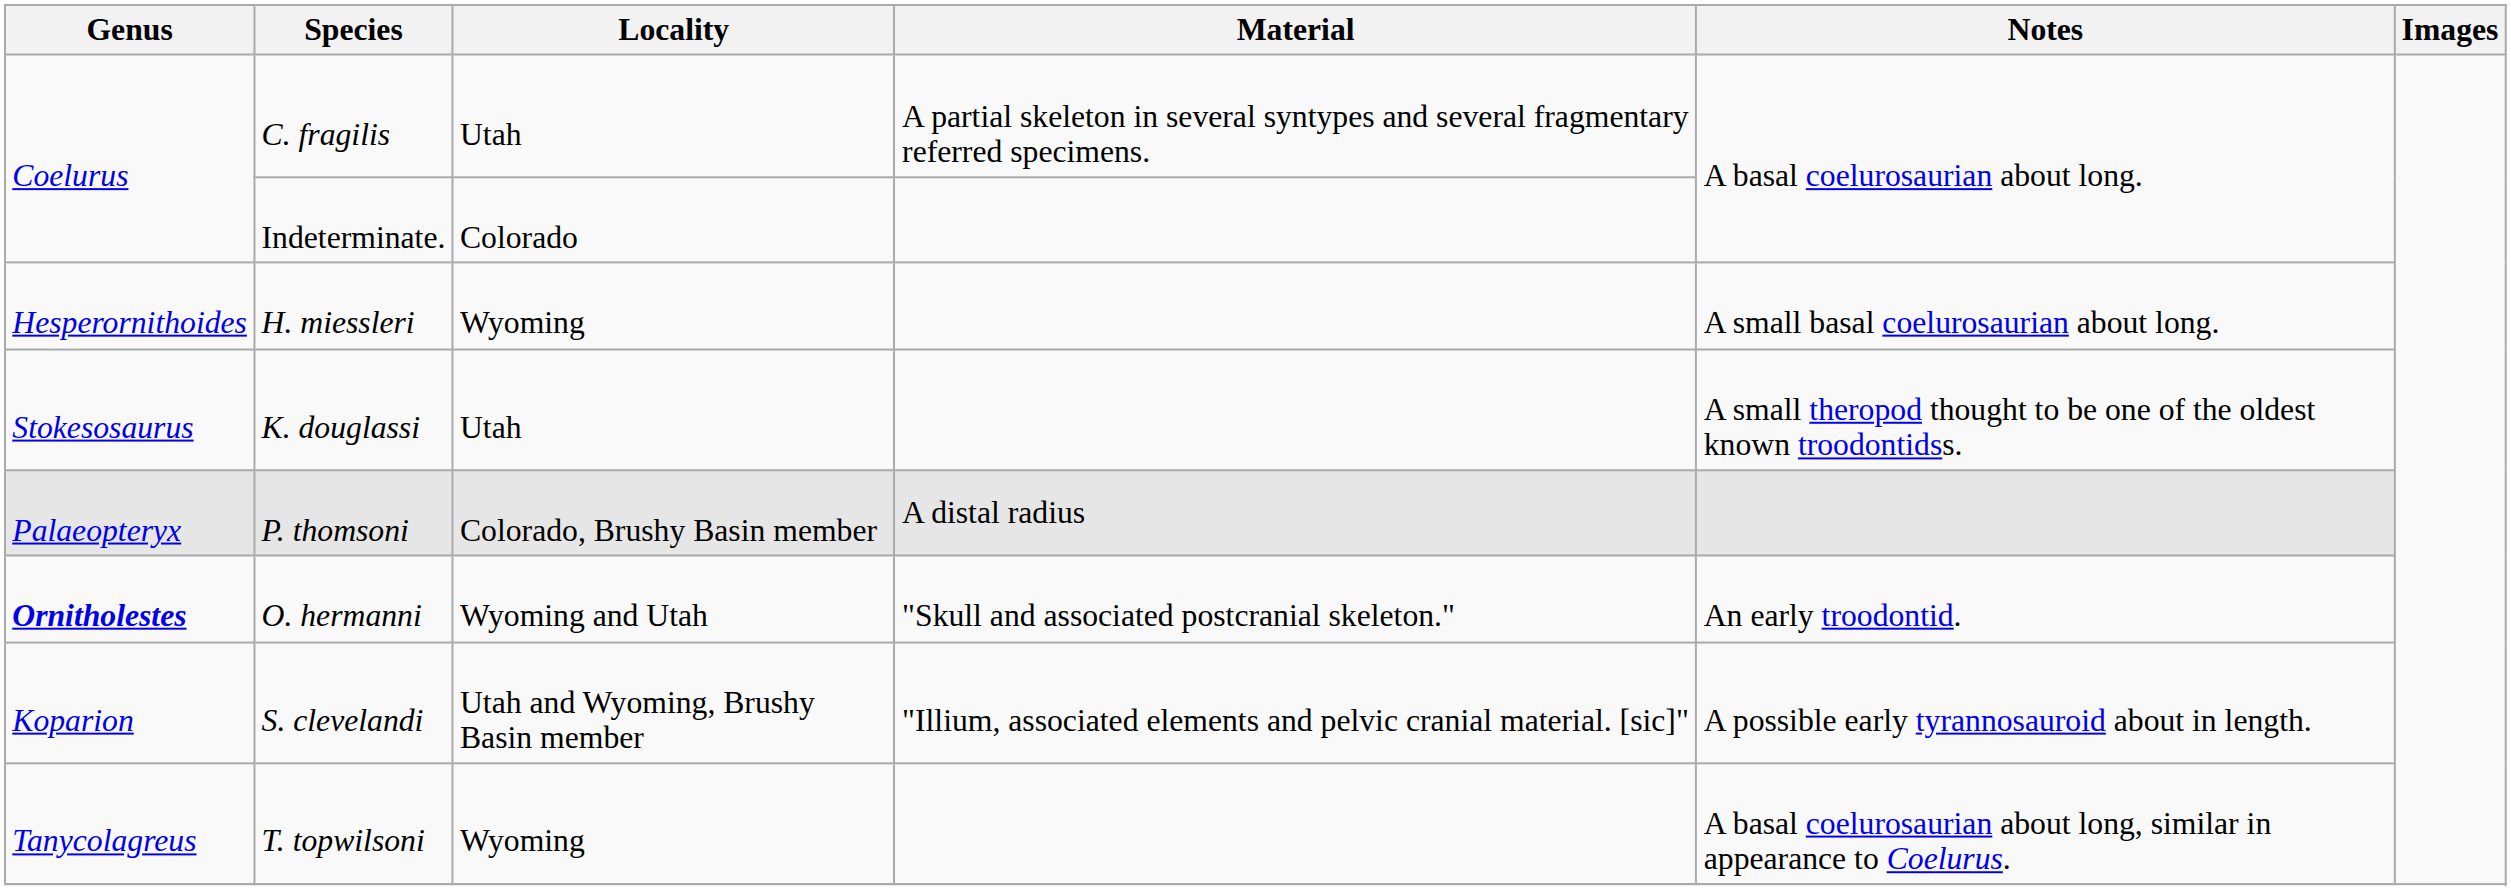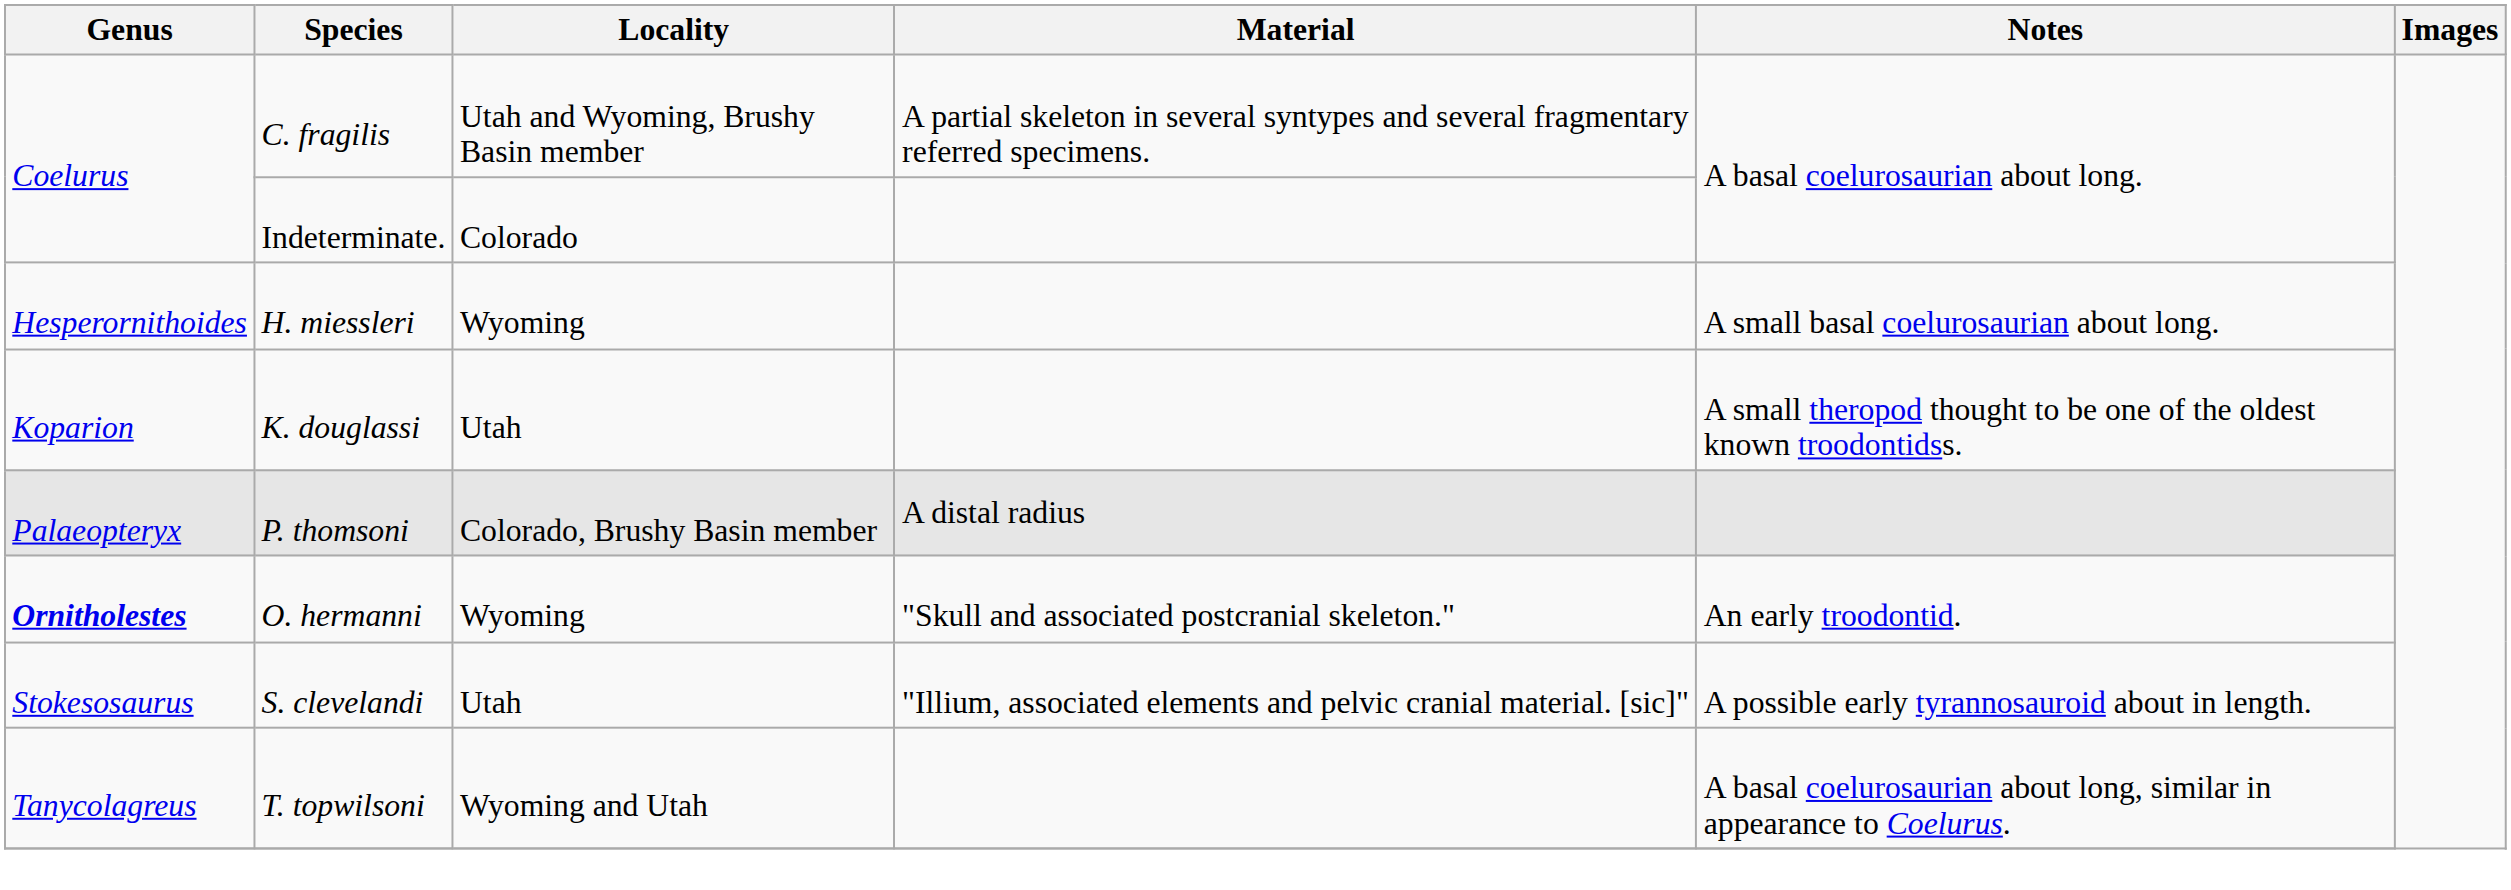 <table class="wikitable" align="center" width="100%">
 <tr>
 <th>Genus</th>
 <th>Species</th>
 <th>Locality</th>
 <th>Material</th>
 <th>Notes</th>
 <th>Images</th>
 </tr>
 <tr>
 <td rowspan=2><br><em><a href='#'>Coelurus</a></em></td>
 <td><br><em>C. fragilis</em></td>
-<td><br>Utah</td>
+<td><br>Utah and Wyoming, Brushy Basin member</td>
 <td><br>A partial skeleton in several syntypes and several fragmentary referred specimens.</td>
 <td rowspan=2><br>A basal <a href='#'>coelurosaurian</a> about  long.</td>
 <td rowspan="34"><br>     </td>
 </tr>
 <tr>
 <td><br>Indeterminate.</td>
 <td><br>Colorado</td>
 <td></td>
 </tr>
 <tr>
 <td><br><em><a href='#'>Hesperornithoides</a></em></td>
 <td><br><em>H. miessleri</em></td>
 <td><br>Wyoming</td>
 <td></td>
 <td><br>A small basal <a href='#'>coelurosaurian</a> about  long.</td>
 </tr>
 <tr>
-<td><br><em><a href='#'>Stokesosaurus</a></em></td>
+<td><br><em><a href='#'>Koparion</a></em></td>
 <td><br><em>K. douglassi</em></td>
 <td><br>Utah</td>
 <td></td>
 <td><br>A small <a href='#'>theropod</a> thought to be one of the oldest known <a href='#'>troodontids</a>s.</td>
 </tr>
 <tr>
 <td style="background:#E6E6E6;"><br><em><a href='#'>Palaeopteryx</a></em></td>
 <td style="background:#E6E6E6;"><br><em>P. thomsoni</em></td>
 <td style="background:#E6E6E6;"><br>Colorado, Brushy Basin member</td>
 <td style="background:#E6E6E6;">A distal radius</td>
 <td style="background:#E6E6E6;"></td>
 </tr>
 <tr>
 <td><strong><br><em><a href='#'>Ornitholestes</a></em></strong></td>
 <td><br><em>O. hermanni</em></td>
-<td><br>Wyoming and Utah</td>
+<td><br>Wyoming</td>
 <td><br>"Skull and associated postcranial skeleton."</td>
 <td><br>An early <a href='#'>troodontid</a>.</td>
 </tr>
 <tr>
-<td><br><em><a href='#'>Koparion</a></em></td>
+<td><br><em><a href='#'>Stokesosaurus</a></em></td>
 <td><br><em>S. clevelandi</em></td>
-<td><br>Utah and Wyoming, Brushy Basin member</td>
+<td><br>Utah</td>
 <td><br>"Illium, associated elements and pelvic cranial material. [sic]"</td>
 <td><br>A possible early <a href='#'>tyrannosauroid</a> about  in length.</td>
 </tr>
 <tr>
 <td><br><em><a href='#'>Tanycolagreus</a></em></td>
 <td><br><em>T. topwilsoni</em></td>
-<td><br>Wyoming</td>
+<td><br>Wyoming and Utah</td>
 <td></td>
 <td><br>A basal <a href='#'>coelurosaurian</a> about  long, similar in appearance to <em><a href='#'>Coelurus</a></em>.</td>
 </tr>
 <tr>
 </tr>
 </table>
